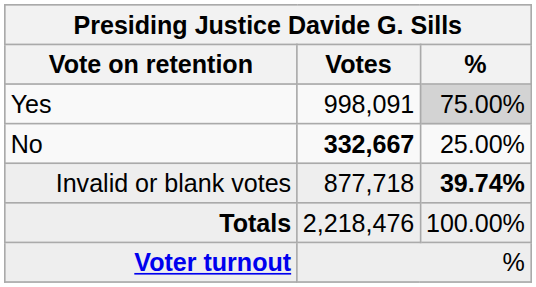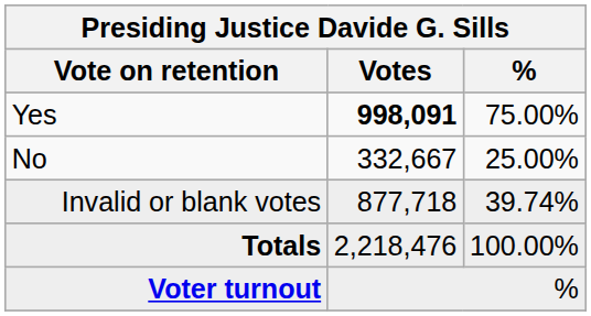 <table class="wikitable" style="font-size: 95%;">
 <tr style="background-color:#E9E9E9">
 <th colspan=7>Presiding Justice Davide G. Sills</th>
 </tr>
 <tr style="background-color:#E9E9E9">
 <th style="width: 170px">Vote on retention</th>
 <th style="width: 50px">Votes</th>
 <th style="width: 40px">%</th>
 </tr>
 <tr>
 <td>Yes</td>
-<td align="right">998,091</td>
-<td align="right" style="background: lightgrey;">75.00%</td>
+<td align="right"><strong>998,091</strong></td>
+<td align="right">75.00%</td>
 </tr>
 <tr>
 <td>No</td>
-<td align="right"><strong>332,667</strong></td>
+<td align="right">332,667</td>
 <td align="right">25.00%</td>
 </tr>
 <tr style="background-color:#EEEEEE">
 <td align="right">Invalid or blank votes</td>
 <td align="right">877,718</td>
-<td align="right"><strong>39.74%</strong></td>
+<td align="right">39.74%</td>
 </tr>
 <tr style="background-color:#EEEEEE">
 <td colspan="1" align="right"><strong>Totals</strong></td>
 <td align="right">2,218,476</td>
 <td align="right">100.00%</td>
 </tr>
 <tr style="background-color:#EEEEEE">
 <td align="right"><strong><a href='#'>Voter turnout</a></strong></td>
 <td colspan="2" align="right">%</td>
 </tr>
 </table>
